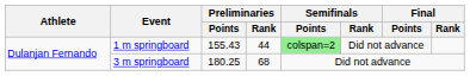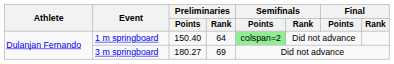 <table class="wikitable" style="text-align:center; font-size:90%; width:50%;">
 <tr>
 <th rowspan=2>Athlete</th>
 <th rowspan=2>Event</th>
 <th colspan=2>Preliminaries</th>
 <th colspan=2>Semifinals</th>
 <th colspan=2>Final</th>
 </tr>
 <tr style="font-size:95%">
 <th>Points</th>
 <th>Rank</th>
 <th>Points</th>
 <th>Rank</th>
 <th>Points</th>
 <th>Rank</th>
 </tr>
 <tr>
 <td align=left rowspan=2><a href='#'>Dulanjan Fernando</a></td>
 <td align=left><a href='#'>1 m springboard</a></td>
-<td>155.43</td>
-<td>44</td>
+<td>150.40</td>
+<td>64</td>
 <td style="background: lightgreen;">colspan=2 </td>
 <td colspan=2>Did not advance</td>
 </tr>
 <tr>
 <td align=left><a href='#'>3 m springboard</a></td>
-<td>180.25</td>
-<td>68</td>
+<td>180.27</td>
+<td>69</td>
 <td colspan=4>Did not advance</td>
 </tr>
 </table>
